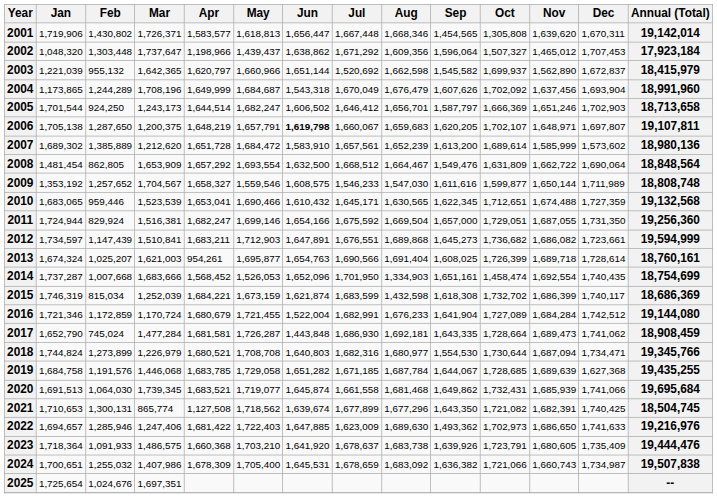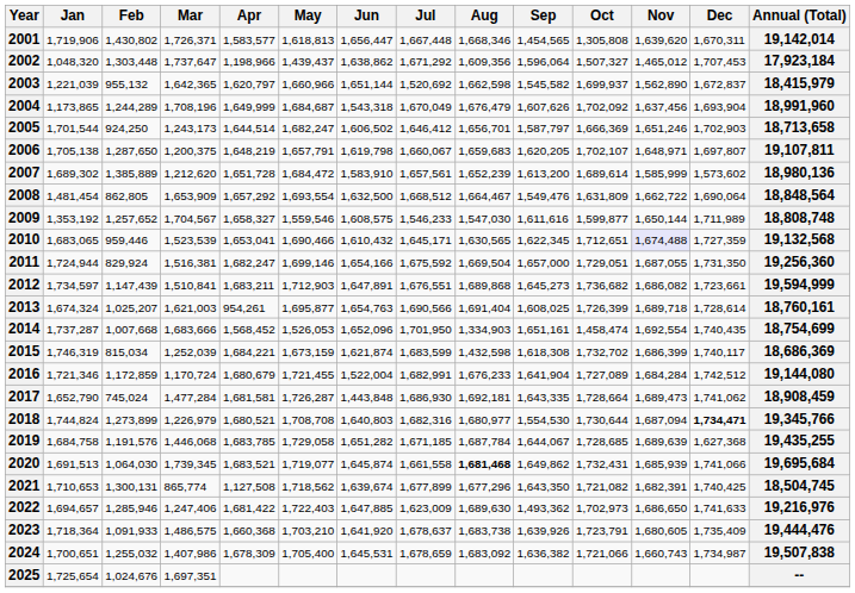 <table class="wikitable">
 <tr>
 <th>Year</th>
 <th>Jan</th>
 <th>Feb</th>
 <th>Mar</th>
 <th>Apr</th>
 <th>May</th>
 <th>Jun</th>
 <th>Jul</th>
 <th>Aug</th>
 <th>Sep</th>
 <th>Oct</th>
 <th>Nov</th>
 <th>Dec</th>
 <th>Annual (Total)</th>
 </tr>
 <tr>
 <th>2001</th>
 <td><small>1,719,906</small></td>
 <td><small>1,430,802</small></td>
 <td><small>1,726,371</small></td>
 <td><small>1,583,577</small></td>
 <td><small>1,618,813</small></td>
 <td><small>1,656,447</small></td>
 <td><small>1,667,448</small></td>
 <td><small>1,668,346</small></td>
 <td><small>1,454,565</small></td>
 <td><small>1,305,808</small></td>
 <td><small>1,639,620</small></td>
 <td><small>1,670,311</small></td>
 <th>19,142,014</th>
 </tr>
 <tr>
 <th>2002</th>
 <td><small>1,048,320</small></td>
 <td><small>1,303,448</small></td>
 <td><small>1,737,647</small></td>
 <td><small>1,198,966</small></td>
 <td><small>1,439,437</small></td>
 <td><small>1,638,862</small></td>
 <td><small>1,671,292</small></td>
 <td><small>1,609,356</small></td>
 <td><small>1,596,064</small></td>
 <td><small>1,507,327</small></td>
 <td><small>1,465,012</small></td>
 <td><small>1,707,453</small></td>
 <th>17,923,184</th>
 </tr>
 <tr>
 <th>2003</th>
 <td><small>1,221,039</small></td>
 <td><small>955,132</small></td>
 <td><small>1,642,365</small></td>
 <td><small>1,620,797</small></td>
 <td><small>1,660,966</small></td>
 <td><small>1,651,144</small></td>
 <td><small>1,520,692</small></td>
 <td><small>1,662,598</small></td>
 <td><small>1,545,582</small></td>
 <td><small>1,699,937</small></td>
 <td><small>1,562,890</small></td>
 <td><small>1,672,837</small></td>
 <th>18,415,979</th>
 </tr>
 <tr>
 <th>2004</th>
 <td><small>1,173,865</small></td>
 <td><small>1,244,289</small></td>
 <td><small>1,708,196</small></td>
 <td><small>1,649,999</small></td>
 <td><small>1,684,687</small></td>
 <td><small>1,543,318</small></td>
 <td><small>1,670,049</small></td>
 <td><small>1,676,479</small></td>
 <td><small>1,607,626</small></td>
 <td><small>1,702,092</small></td>
 <td><small>1,637,456</small></td>
 <td><small>1,693,904</small></td>
 <th>18,991,960</th>
 </tr>
 <tr>
 <th>2005</th>
 <td><small>1,701,544</small></td>
 <td><small>924,250</small></td>
 <td><small>1,243,173</small></td>
 <td><small>1,644,514</small></td>
 <td><small>1,682,247</small></td>
 <td><small>1,606,502</small></td>
 <td><small>1,646,412</small></td>
 <td><small>1,656,701</small></td>
 <td><small>1,587,797</small></td>
 <td><small>1,666,369</small></td>
 <td><small>1,651,246</small></td>
 <td><small>1,702,903</small></td>
 <th>18,713,658</th>
 </tr>
 <tr>
 <th>2006</th>
 <td><small>1,705,138</small></td>
 <td><small>1,287,650</small></td>
 <td><small>1,200,375</small></td>
 <td><small>1,648,219</small></td>
 <td><small>1,657,791</small></td>
-<td><strong><small>1,619,798</small></strong></td>
+<td><small>1,619,798</small></td>
 <td><small>1,660,067</small></td>
 <td><small>1,659,683</small></td>
 <td><small>1,620,205</small></td>
 <td><small>1,702,107</small></td>
 <td><small>1,648,971</small></td>
 <td><small>1,697,807</small></td>
 <th>19,107,811</th>
 </tr>
 <tr>
 <th>2007</th>
 <td><small>1,689,302</small></td>
 <td><small>1,385,889</small></td>
 <td><small>1,212,620</small></td>
 <td><small>1,651,728</small></td>
 <td><small>1,684,472</small></td>
 <td><small>1,583,910</small></td>
 <td><small>1,657,561</small></td>
 <td><small>1,652,239</small></td>
 <td><small>1,613,200</small></td>
 <td><small>1,689,614</small></td>
 <td><small>1,585,999</small></td>
 <td><small>1,573,602</small></td>
 <th>18,980,136</th>
 </tr>
 <tr>
 <th>2008</th>
 <td><small>1,481,454</small></td>
 <td><small>862,805</small></td>
 <td><small>1,653,909</small></td>
 <td><small>1,657,292</small></td>
 <td><small>1,693,554</small></td>
 <td><small>1,632,500</small></td>
 <td><small>1,668,512</small></td>
 <td><small>1,664,467</small></td>
 <td><small>1,549,476</small></td>
 <td><small>1,631,809</small></td>
 <td><small>1,662,722</small></td>
 <td><small>1,690,064</small></td>
 <th>18,848,564</th>
 </tr>
 <tr>
 <th>2009</th>
 <td><small>1,353,192</small></td>
 <td><small>1,257,652</small></td>
 <td><small>1,704,567</small></td>
 <td><small>1,658,327</small></td>
 <td><small>1,559,546</small></td>
 <td><small>1,608,575</small></td>
 <td><small>1,546,233</small></td>
 <td><small>1,547,030</small></td>
 <td><small>1,611,616</small></td>
 <td><small>1,599,877</small></td>
 <td><small>1,650,144</small></td>
 <td><small>1,711,989</small></td>
 <th>18,808,748</th>
 </tr>
 <tr>
 <th>2010</th>
 <td><small>1,683,065</small></td>
 <td><small>959,446</small></td>
 <td><small>1,523,539</small></td>
 <td><small>1,653,041</small></td>
 <td><small>1,690,466</small></td>
 <td><small>1,610,432</small></td>
 <td><small>1,645,171</small></td>
 <td><small>1,630,565</small></td>
 <td><small>1,622,345</small></td>
 <td><small>1,712,651</small></td>
-<td><small>1,674,488</small></td>
+<td style="background: lavender;"><small>1,674,488</small></td>
 <td><small>1,727,359</small></td>
 <th>19,132,568</th>
 </tr>
 <tr>
 <th>2011</th>
 <td><small>1,724,944</small></td>
 <td><small>829,924</small></td>
 <td><small>1,516,381</small></td>
 <td><small>1,682,247</small></td>
 <td><small>1,699,146</small></td>
 <td><small>1,654,166</small></td>
 <td><small>1,675,592</small></td>
 <td><small>1,669,504</small></td>
 <td><small>1,657,000</small></td>
 <td><small>1,729,051</small></td>
 <td><small>1,687,055</small></td>
 <td><small>1,731,350</small></td>
 <th>19,256,360</th>
 </tr>
 <tr>
 <th>2012</th>
 <td><small>1,734,597</small></td>
 <td><small>1,147,439</small></td>
 <td><small>1,510,841</small></td>
 <td><small>1,683,211</small></td>
 <td><small>1,712,903</small></td>
 <td><small>1,647,891</small></td>
 <td><small>1,676,551</small></td>
 <td><small>1,689,868</small></td>
 <td><small>1,645,273</small></td>
 <td><small>1,736,682</small></td>
 <td><small>1,686,082</small></td>
 <td><small>1,723,661</small></td>
 <th>19,594,999</th>
 </tr>
 <tr>
 <th>2013</th>
 <td><small>1,674,324</small></td>
 <td><small>1,025,207</small></td>
 <td><small>1,621,003</small></td>
 <td><small>954,261</small></td>
 <td><small>1,695,877</small></td>
 <td><small>1,654,763</small></td>
 <td><small>1,690,566</small></td>
 <td><small>1,691,404</small></td>
 <td><small>1,608,025</small></td>
 <td><small>1,726,399</small></td>
 <td><small>1,689,718</small></td>
 <td><small>1,728,614</small></td>
 <th>18,760,161</th>
 </tr>
 <tr>
 <th>2014</th>
 <td><small>1,737,287</small></td>
 <td><small>1,007,668</small></td>
 <td><small>1,683,666</small></td>
 <td><small>1,568,452</small></td>
 <td><small>1,526,053</small></td>
 <td><small>1,652,096</small></td>
 <td><small>1,701,950</small></td>
 <td><small>1,334,903</small></td>
 <td><small>1,651,161</small></td>
 <td><small>1,458,474</small></td>
 <td><small>1,692,554</small></td>
 <td><small>1,740,435</small></td>
 <th>18,754,699</th>
 </tr>
 <tr>
 <th>2015</th>
 <td><small>1,746,319</small></td>
 <td><small>815,034</small></td>
 <td><small>1,252,039</small></td>
 <td><small>1,684,221</small></td>
 <td><small>1,673,159</small></td>
 <td><small>1,621,874</small></td>
 <td><small>1,683,599</small></td>
 <td><small>1,432,598</small></td>
 <td><small>1,618,308</small></td>
 <td><small>1,732,702</small></td>
 <td><small>1,686,399</small></td>
 <td><small>1,740,117</small></td>
 <th>18,686,369</th>
 </tr>
 <tr>
 <th>2016</th>
 <td><small>1,721,346</small></td>
 <td><small>1,172,859</small></td>
 <td><small>1,170,724</small></td>
 <td><small>1,680,679</small></td>
 <td><small>1,721,455</small></td>
 <td><small>1,522,004</small></td>
 <td><small>1,682,991</small></td>
 <td><small>1,676,233</small></td>
 <td><small>1,641,904</small></td>
 <td><small>1,727,089</small></td>
 <td><small>1,684,284</small></td>
 <td><small>1,742,512</small></td>
 <th>19,144,080</th>
 </tr>
 <tr>
 <th>2017</th>
 <td><small>1,652,790</small></td>
 <td><small>745,024</small></td>
 <td><small>1,477,284</small></td>
 <td><small>1,681,581</small></td>
 <td><small>1,726,287</small></td>
 <td><small>1,443,848</small></td>
 <td><small>1,686,930</small></td>
 <td><small>1,692,181</small></td>
 <td><small>1,643,335</small></td>
 <td><small>1,728,664</small></td>
 <td><small>1,689,473</small></td>
 <td><small>1,741,062</small></td>
 <th>18,908,459</th>
 </tr>
 <tr>
 <th>2018</th>
 <td><small>1,744,824</small></td>
 <td><small>1,273,899</small></td>
 <td><small>1,226,979</small></td>
 <td><small>1,680,521</small></td>
 <td><small>1,708,708</small></td>
 <td><small>1,640,803</small></td>
 <td><small>1,682,316</small></td>
 <td><small>1,680,977</small></td>
 <td><small>1,554,530</small></td>
 <td><small>1,730,644</small></td>
 <td><small>1,687,094</small></td>
-<td><small>1,734,471</small></td>
+<td><strong><small>1,734,471</small></strong></td>
 <th>19,345,766</th>
 </tr>
 <tr>
 <th>2019</th>
 <td><small>1,684,758</small></td>
 <td><small>1,191,576</small></td>
 <td><small>1,446,068</small></td>
 <td><small>1,683,785</small></td>
 <td><small>1,729,058</small></td>
 <td><small>1,651,282</small></td>
 <td><small>1,671,185</small></td>
 <td><small>1,687,784</small></td>
 <td><small>1,644,067</small></td>
 <td><small>1,728,685</small></td>
 <td><small>1,689,639</small></td>
 <td><small>1,627,368</small></td>
 <th>19,435,255</th>
 </tr>
 <tr>
 <th>2020</th>
 <td><small>1,691,513</small></td>
 <td><small>1,064,030</small></td>
 <td><small>1,739,345</small></td>
 <td><small>1,683,521</small></td>
 <td><small>1,719,077</small></td>
 <td><small>1,645,874</small></td>
 <td><small>1,661,558</small></td>
-<td><small>1,681,468</small></td>
+<td><strong><small>1,681,468</small></strong></td>
 <td><small>1,649,862</small></td>
 <td><small>1,732,431</small></td>
 <td><small>1,685,939</small></td>
 <td><small>1,741,066</small></td>
 <th>19,695,684</th>
 </tr>
 <tr>
 <th>2021</th>
 <td><small>1,710,653</small></td>
 <td><small>1,300,131</small></td>
 <td><small>865,774</small></td>
 <td><small>1,127,508</small></td>
 <td><small>1,718,562</small></td>
 <td><small>1,639,674</small></td>
 <td><small>1,677,899</small></td>
 <td><small>1,677,296</small></td>
 <td><small>1,643,350</small></td>
 <td><small>1,721,082</small></td>
 <td><small>1,682,391</small></td>
 <td><small>1,740,425</small></td>
 <th>18,504,745</th>
 </tr>
 <tr>
 <th>2022</th>
 <td><small>1,694,657</small></td>
 <td><small>1,285,946</small></td>
 <td><small>1,247,406</small></td>
 <td><small>1,681,422</small></td>
 <td><small>1,722,403</small></td>
 <td><small>1,647,885</small></td>
 <td><small>1,623,009</small></td>
 <td><small>1,689,630</small></td>
 <td><small>1,493,362</small></td>
 <td><small>1,702,973</small></td>
 <td><small>1,686,650</small></td>
 <td><small>1,741,633</small></td>
 <th>19,216,976</th>
 </tr>
 <tr>
 <th>2023</th>
 <td><small>1,718,364</small></td>
 <td><small>1,091,933</small></td>
 <td><small>1,486,575</small></td>
 <td><small>1,660,368</small></td>
 <td><small>1,703,210</small></td>
 <td><small>1,641,920</small></td>
 <td><small>1,678,637</small></td>
 <td><small>1,683,738</small></td>
 <td><small>1,639,926</small></td>
 <td><small>1,723,791</small></td>
 <td><small>1,680,605</small></td>
 <td><small>1,735,409</small></td>
 <th>19,444,476</th>
 </tr>
 <tr>
 <th>2024</th>
 <td><small>1,700,651</small></td>
 <td><small>1,255,032</small></td>
 <td><small>1,407,986</small></td>
 <td><small>1,678,309</small></td>
 <td><small>1,705,400</small></td>
 <td><small>1,645,531</small></td>
 <td><small>1,678,659</small></td>
 <td><small>1,683,092</small></td>
 <td><small>1,636,382</small></td>
 <td><small>1,721,066</small></td>
 <td><small>1,660,743</small></td>
 <td><small>1,734,987</small></td>
 <th>19,507,838</th>
 </tr>
 <tr>
 <th>2025</th>
 <td><small>1,725,654</small></td>
 <td><small>1,024,676</small></td>
 <td><small>1,697,351</small></td>
 <td><small></small></td>
 <td><small></small></td>
 <td><small></small></td>
 <td><small></small></td>
 <td><small></small></td>
 <td><small></small></td>
 <td><small></small></td>
 <td><small></small></td>
 <td><small></small></td>
 <th>--</th>
 </tr>
 <tr>
 </tr>
 </table>
